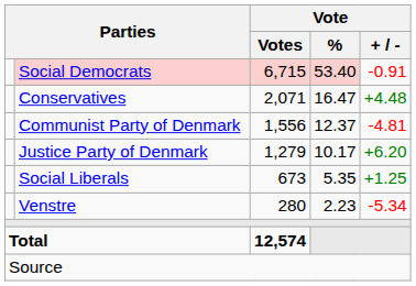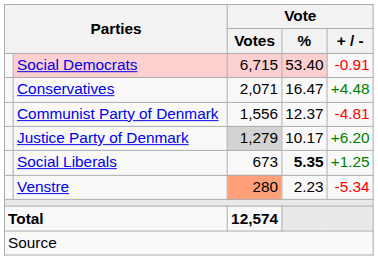 <table class="wikitable" style="text-align:right;">
 <tr>
 <th style="text-align:centre;" rowspan="2" colspan="2" width="225">Parties</th>
 <th colspan="3">Vote</th>
 </tr>
 <tr>
 <th width="15">Votes</th>
 <th width="15">%</th>
 <th width="15">+ / -</th>
 </tr>
 <tr>
 <td width="2" style="color:inherit;background:"></td>
 <td bgcolor=#fbd0ce  align="left"><a href='#'>Social Democrats</a></td>
 <td bgcolor=#fbd0ce>6,715</td>
 <td bgcolor=#fbd0ce>53.40</td>
 <td style=color:red;>-0.91</td>
 </tr>
 <tr>
 <td width="2" style="color:inherit;background:"></td>
 <td align="left"><a href='#'>Conservatives</a></td>
 <td>2,071</td>
 <td>16.47</td>
 <td style=color:green;>+4.48</td>
 </tr>
 <tr>
 <td width="2" style="color:inherit;background:"></td>
 <td align="left"><a href='#'>Communist Party of Denmark</a></td>
 <td>1,556</td>
 <td>12.37</td>
 <td style=color:red;>-4.81</td>
 </tr>
 <tr>
 <td width="2" style="color:inherit;background:"></td>
 <td align="left"><a href='#'>Justice Party of Denmark</a></td>
-<td>1,279</td>
+<td style="background: lightgrey;">1,279</td>
 <td>10.17</td>
 <td style=color:green;>+6.20</td>
 </tr>
 <tr>
 <td width="2" style="color:inherit;background:"></td>
 <td align="left"><a href='#'>Social Liberals</a></td>
 <td>673</td>
-<td>5.35</td>
+<td><strong>5.35</strong></td>
 <td style=color:green;>+1.25</td>
 </tr>
 <tr>
 <td width="2" style="color:inherit;background:"></td>
 <td align="left"><a href='#'>Venstre</a></td>
-<td>280</td>
+<td style="background: lightsalmon;">280</td>
 <td>2.23</td>
 <td style=color:red;>-5.34</td>
 </tr>
 <tr>
 <td colspan="7" bgcolor="#E9E9E9"></td>
 </tr>
 <tr>
 <td align="left" colspan="2"><strong>Total</strong></td>
 <td><strong>12,574</strong></td>
 <td bgcolor="#E9E9E9" colspan="2"></td>
 </tr>
 <tr>
 <td align="left" colspan="6">Source</td>
 </tr>
 </table>
